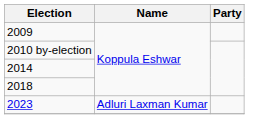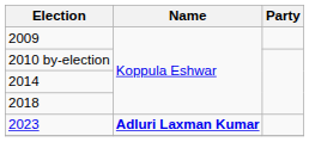 <table class="wikitable sortable">
 <tr>
 <th>Election</th>
 <th>Name</th>
 <th colspan=2>Party</th>
 </tr>
 <tr>
 <td>2009</td>
 <td rowspan=4><a href='#'>Koppula Eshwar</a></td>
 <td></td>
 </tr>
 <tr>
 <td>2010 by-election</td>
 </tr>
 <tr>
 <td>2014</td>
 </tr>
 <tr>
 <td>2018</td>
 </tr>
 <tr>
 <td><a href='#'>2023</a></td>
-<td><a href='#'>Adluri Laxman Kumar</a></td>
+<td><strong><a href='#'>Adluri Laxman Kumar</a></strong></td>
 <td></td>
 </tr>
 <tr>
 </tr>
 </table>
